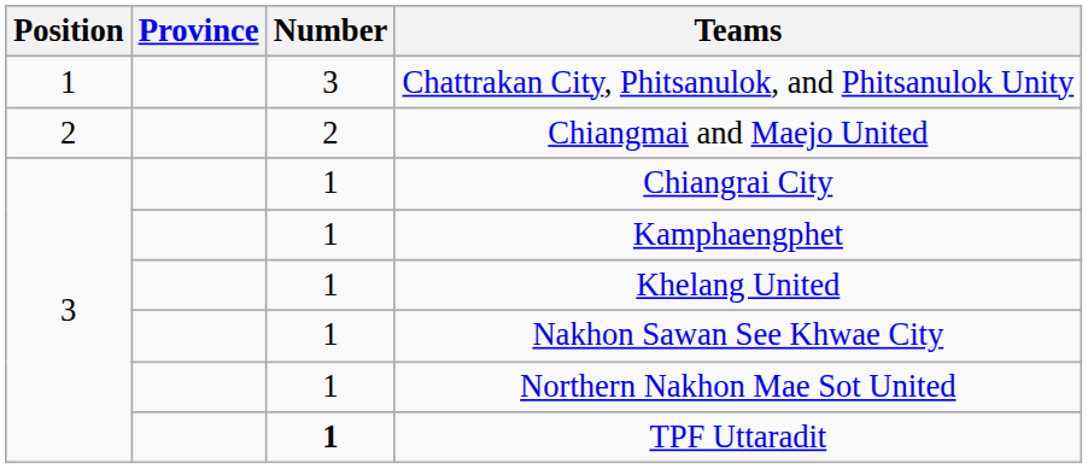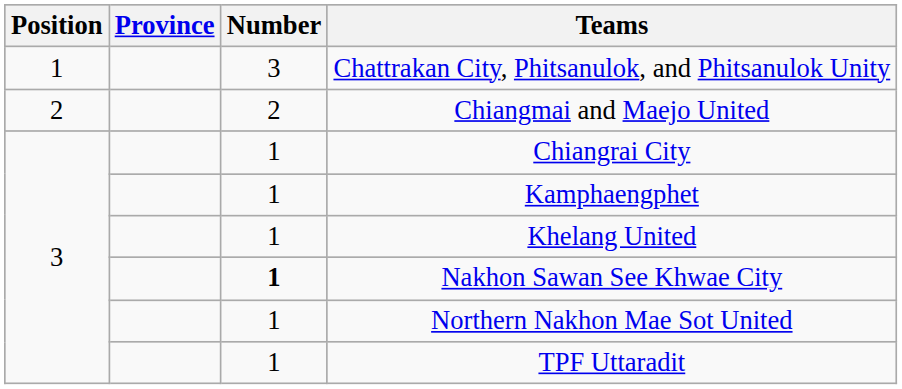 <table class="wikitable">
 <tr>
 <th>Position</th>
 <th><a href='#'>Province</a></th>
 <th>Number</th>
 <th>Teams</th>
 </tr>
 <tr>
 <td align=center rowspan="1">1</td>
 <td></td>
 <td align=center>3</td>
 <td align=center><a href='#'>Chattrakan City</a>, <a href='#'>Phitsanulok</a>, and <a href='#'>Phitsanulok Unity</a></td>
 </tr>
 <tr>
 <td align=center rowspan="1">2</td>
 <td></td>
 <td align=center>2</td>
 <td align=center><a href='#'>Chiangmai</a> and <a href='#'>Maejo United</a></td>
 </tr>
 <tr>
 <td align=center rowspan="6">3</td>
 <td></td>
 <td align=center>1</td>
 <td align=center><a href='#'>Chiangrai City</a></td>
 </tr>
 <tr>
 <td></td>
 <td align=center>1</td>
 <td align=center><a href='#'>Kamphaengphet</a></td>
 </tr>
 <tr>
 <td></td>
 <td align=center>1</td>
 <td align=center><a href='#'>Khelang United</a></td>
 </tr>
 <tr>
 <td></td>
-<td align=center>1</td>
+<td align=center><strong>1</strong></td>
 <td align=center><a href='#'>Nakhon Sawan See Khwae City</a></td>
 </tr>
 <tr>
 <td></td>
 <td align=center>1</td>
 <td align=center><a href='#'>Northern Nakhon Mae Sot United</a></td>
 </tr>
 <tr>
 <td></td>
-<td align=center><strong>1</strong></td>
+<td align=center>1</td>
 <td align=center><a href='#'>TPF Uttaradit</a></td>
 </tr>
 </table>
